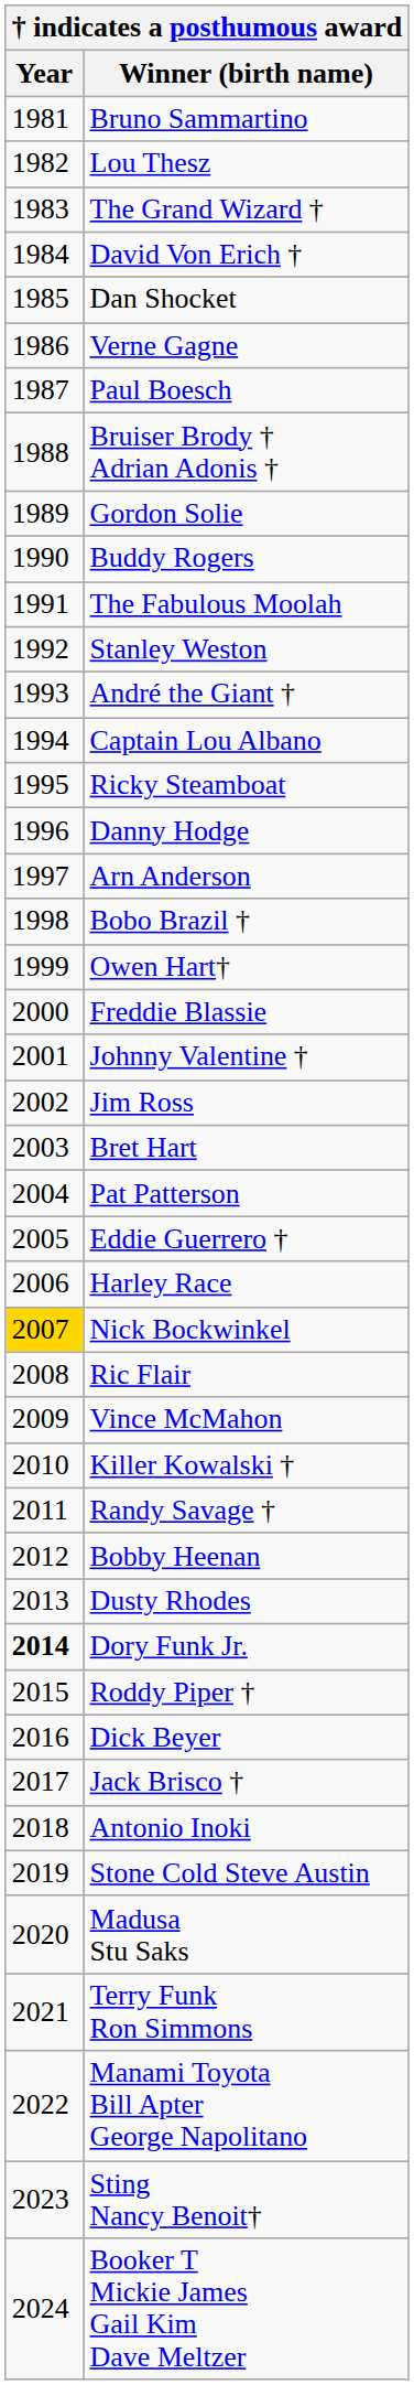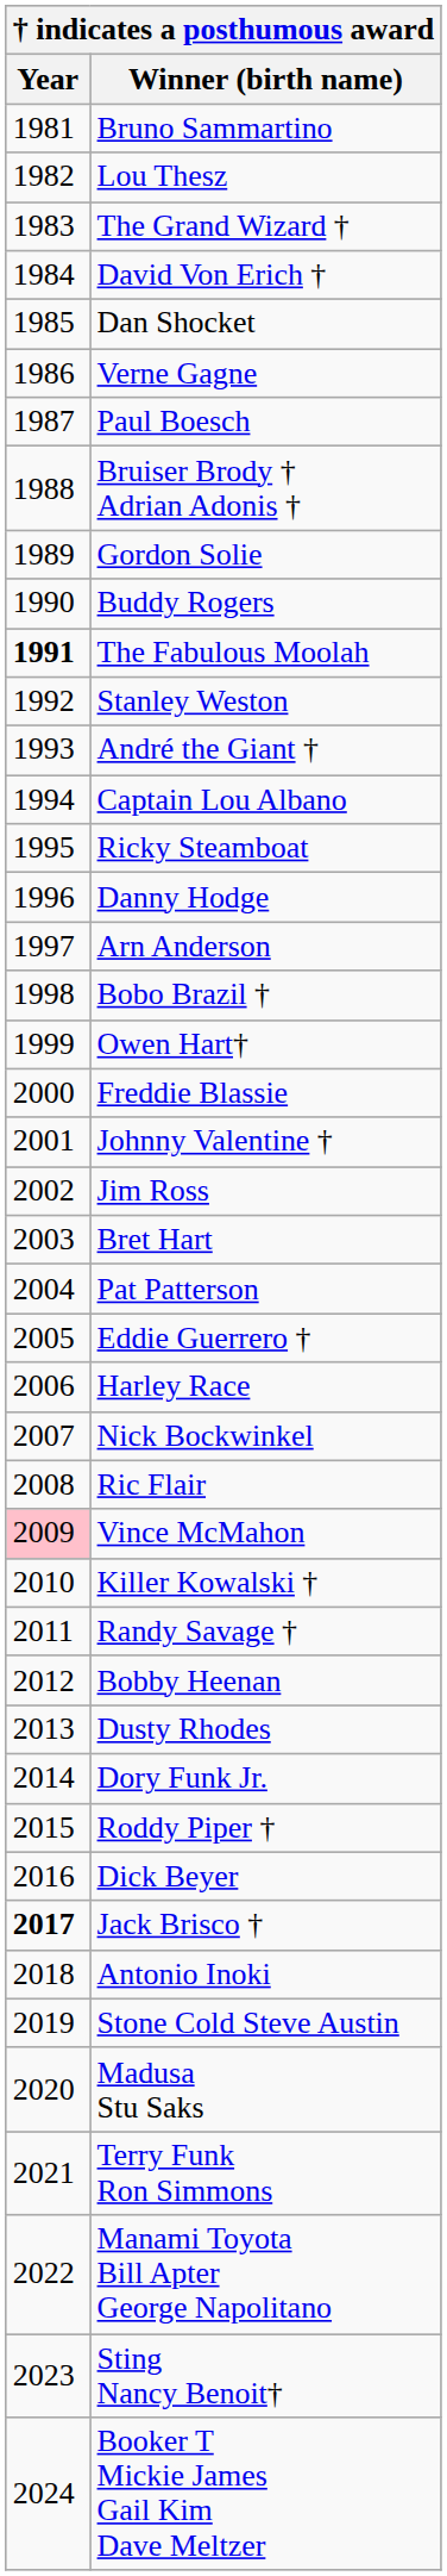 <table class="wikitable plainrowheaders">
 <tr>
 <th scope="row" style="text-align: center" colspan=2>† indicates a <a href='#'>posthumous</a> award</th>
 </tr>
 <tr>
 <th>Year</th>
 <th>Winner (birth name)</th>
 </tr>
 <tr>
 <td>1981</td>
 <td><a href='#'>Bruno Sammartino</a></td>
 </tr>
 <tr>
 <td>1982</td>
 <td><a href='#'>Lou Thesz</a> </td>
 </tr>
 <tr>
 <td>1983</td>
 <td><a href='#'>The Grand Wizard</a> †</td>
 </tr>
 <tr>
 <td>1984</td>
 <td><a href='#'>David Von Erich</a> †</td>
 </tr>
 <tr>
 <td>1985</td>
 <td>Dan Shocket</td>
 </tr>
 <tr>
 <td>1986</td>
 <td><a href='#'>Verne Gagne</a> </td>
 </tr>
 <tr>
 <td>1987</td>
 <td><a href='#'>Paul Boesch</a></td>
 </tr>
 <tr>
 <td>1988</td>
 <td><a href='#'>Bruiser Brody</a> †<br><a href='#'>Adrian Adonis</a> †</td>
 </tr>
 <tr>
 <td>1989</td>
 <td><a href='#'>Gordon Solie</a> </td>
 </tr>
 <tr>
 <td>1990</td>
 <td><a href='#'>Buddy Rogers</a> </td>
 </tr>
 <tr>
-<td>1991</td>
+<td><strong>1991</strong></td>
 <td><a href='#'>The Fabulous Moolah</a> </td>
 </tr>
 <tr>
 <td>1992</td>
 <td><a href='#'>Stanley Weston</a></td>
 </tr>
 <tr>
 <td>1993</td>
 <td><a href='#'>André the Giant</a> †</td>
 </tr>
 <tr>
 <td>1994</td>
 <td><a href='#'>Captain Lou Albano</a> </td>
 </tr>
 <tr>
 <td>1995</td>
 <td><a href='#'>Ricky Steamboat</a> </td>
 </tr>
 <tr>
 <td>1996</td>
 <td><a href='#'>Danny Hodge</a> </td>
 </tr>
 <tr>
 <td>1997</td>
 <td><a href='#'>Arn Anderson</a> </td>
 </tr>
 <tr>
 <td>1998</td>
 <td><a href='#'>Bobo Brazil</a> †</td>
 </tr>
 <tr>
 <td>1999</td>
 <td><a href='#'>Owen Hart</a>†</td>
 </tr>
 <tr>
 <td>2000</td>
 <td><a href='#'>Freddie Blassie</a> </td>
 </tr>
 <tr>
 <td>2001</td>
 <td><a href='#'>Johnny Valentine</a> †</td>
 </tr>
 <tr>
 <td>2002</td>
 <td><a href='#'>Jim Ross</a> </td>
 </tr>
 <tr>
 <td>2003</td>
 <td><a href='#'>Bret Hart</a></td>
 </tr>
 <tr>
 <td>2004</td>
 <td><a href='#'>Pat Patterson</a> </td>
 </tr>
 <tr>
 <td>2005</td>
 <td><a href='#'>Eddie Guerrero</a> †</td>
 </tr>
 <tr>
 <td>2006</td>
 <td><a href='#'>Harley Race</a></td>
 </tr>
 <tr>
-<td style="background: gold;">2007</td>
+<td>2007</td>
 <td><a href='#'>Nick Bockwinkel</a> </td>
 </tr>
 <tr>
 <td>2008</td>
 <td><a href='#'>Ric Flair</a> </td>
 </tr>
 <tr>
-<td>2009</td>
+<td style="background: pink;">2009</td>
 <td><a href='#'>Vince McMahon</a> </td>
 </tr>
 <tr>
 <td>2010</td>
 <td><a href='#'>Killer Kowalski</a> †</td>
 </tr>
 <tr>
 <td>2011</td>
 <td><a href='#'>Randy Savage</a> †</td>
 </tr>
 <tr>
 <td>2012</td>
 <td><a href='#'>Bobby Heenan</a> </td>
 </tr>
 <tr>
 <td>2013</td>
 <td><a href='#'>Dusty Rhodes</a> </td>
 </tr>
 <tr>
-<td><strong>2014</strong></td>
+<td>2014</td>
 <td><a href='#'>Dory Funk Jr.</a> </td>
 </tr>
 <tr>
 <td>2015</td>
 <td><a href='#'>Roddy Piper</a> †</td>
 </tr>
 <tr>
 <td>2016</td>
 <td><a href='#'>Dick Beyer</a></td>
 </tr>
 <tr>
-<td>2017</td>
+<td><strong>2017</strong></td>
 <td><a href='#'>Jack Brisco</a> †</td>
 </tr>
 <tr>
 <td>2018</td>
 <td><a href='#'>Antonio Inoki</a> </td>
 </tr>
 <tr>
 <td>2019</td>
 <td><a href='#'>Stone Cold Steve Austin</a> </td>
 </tr>
 <tr>
 <td>2020</td>
 <td><a href='#'>Madusa</a> <br>Stu Saks</td>
 </tr>
 <tr>
 <td>2021</td>
 <td><a href='#'>Terry Funk</a> <br><a href='#'>Ron Simmons</a> </td>
 </tr>
 <tr>
 <td>2022</td>
 <td><a href='#'>Manami Toyota</a> <br> <a href='#'>Bill Apter</a> <br><a href='#'>George Napolitano</a> </td>
 </tr>
 <tr>
 <td>2023</td>
 <td><a href='#'>Sting</a> <br><a href='#'>Nancy Benoit</a>†</td>
 </tr>
 <tr>
 <td>2024</td>
 <td><a href='#'>Booker T</a> <br><a href='#'>Mickie James</a> <br><a href='#'>Gail Kim</a> <br><a href='#'>Dave Meltzer</a></td>
 </tr>
 </table>
